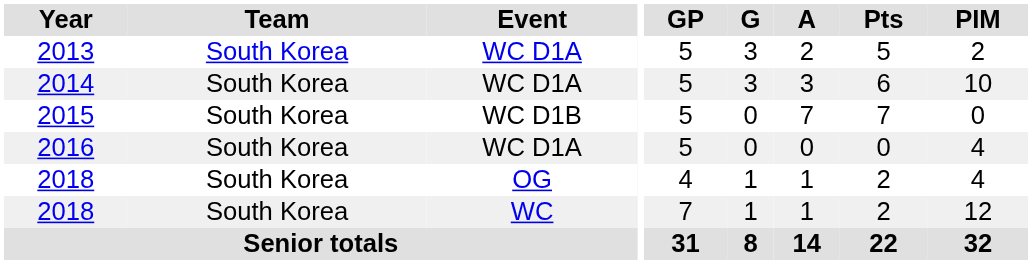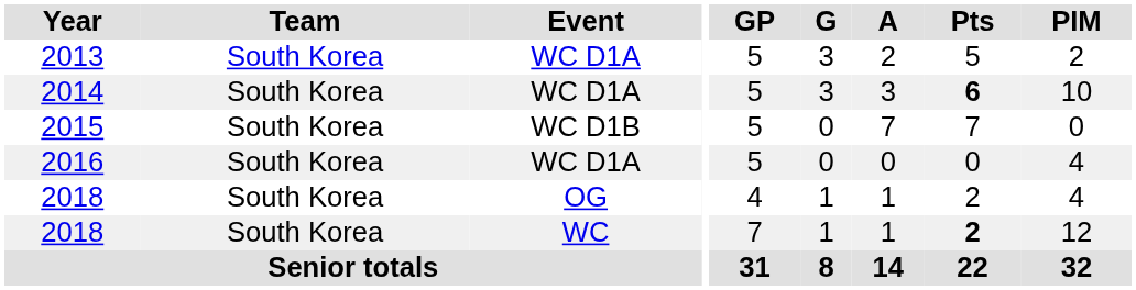 <table border="0" cellpadding="1" cellspacing="0" ID="Table3" style="text-align:center; width:40em">
 <tr ALIGN="center" bgcolor="#e0e0e0">
 <th>Year</th>
 <th>Team</th>
 <th>Event</th>
 <th rowspan="99" bgcolor="#ffffff"></th>
 <th>GP</th>
 <th>G</th>
 <th>A</th>
 <th>Pts</th>
 <th>PIM</th>
 </tr>
 <tr>
 <td><a href='#'>2013</a></td>
 <td><a href='#'>South Korea</a></td>
 <td><a href='#'>WC D1A</a></td>
 <td>5</td>
 <td>3</td>
 <td>2</td>
 <td>5</td>
 <td>2</td>
 </tr>
 <tr bgcolor="#f0f0f0">
 <td><a href='#'>2014</a></td>
 <td>South Korea</td>
 <td>WC D1A</td>
 <td>5</td>
 <td>3</td>
 <td>3</td>
-<td>6</td>
+<td><strong>6</strong></td>
 <td>10</td>
 </tr>
 <tr>
 <td><a href='#'>2015</a></td>
 <td>South Korea</td>
 <td>WC D1B</td>
 <td>5</td>
 <td>0</td>
 <td>7</td>
 <td>7</td>
 <td>0</td>
 </tr>
 <tr bgcolor="#f0f0f0">
 <td><a href='#'>2016</a></td>
 <td>South Korea</td>
 <td>WC D1A</td>
 <td>5</td>
 <td>0</td>
 <td>0</td>
 <td>0</td>
 <td>4</td>
 </tr>
 <tr>
 <td><a href='#'>2018</a></td>
 <td>South Korea</td>
 <td><a href='#'>OG</a></td>
 <td>4</td>
 <td>1</td>
 <td>1</td>
 <td>2</td>
 <td>4</td>
 </tr>
 <tr bgcolor="#f0f0f0">
 <td><a href='#'>2018</a></td>
 <td>South Korea</td>
 <td><a href='#'>WC</a></td>
 <td>7</td>
 <td>1</td>
 <td>1</td>
-<td>2</td>
+<td><strong>2</strong></td>
 <td>12</td>
 </tr>
 <tr bgcolor="#e0e0e0">
 <th colspan="3">Senior totals</th>
 <th>31</th>
 <th>8</th>
 <th>14</th>
 <th>22</th>
 <th>32</th>
 </tr>
 </table>
